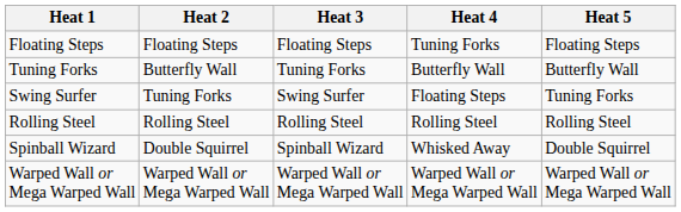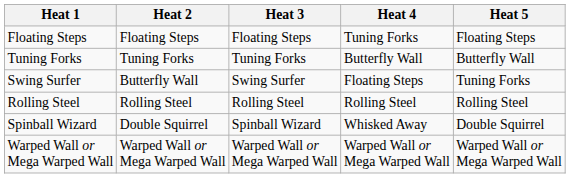 <table class="wikitable">
 <tr>
 <th>Heat 1</th>
 <th>Heat 2</th>
 <th>Heat 3</th>
 <th>Heat 4</th>
 <th>Heat 5</th>
 </tr>
 <tr>
 <td>Floating Steps</td>
 <td>Floating Steps</td>
 <td>Floating Steps</td>
 <td>Tuning Forks</td>
 <td>Floating Steps</td>
 </tr>
 <tr>
 <td>Tuning Forks</td>
-<td>Butterfly Wall</td>
+<td>Tuning Forks</td>
 <td>Tuning Forks</td>
 <td>Butterfly Wall</td>
 <td>Butterfly Wall</td>
 </tr>
 <tr>
 <td>Swing Surfer</td>
-<td>Tuning Forks</td>
+<td>Butterfly Wall</td>
 <td>Swing Surfer</td>
 <td>Floating Steps</td>
 <td>Tuning Forks</td>
 </tr>
 <tr>
 <td>Rolling Steel</td>
 <td>Rolling Steel</td>
 <td>Rolling Steel</td>
 <td>Rolling Steel</td>
 <td>Rolling Steel</td>
 </tr>
 <tr>
 <td>Spinball Wizard</td>
 <td>Double Squirrel</td>
 <td>Spinball Wizard</td>
 <td>Whisked Away</td>
 <td>Double Squirrel</td>
 </tr>
 <tr>
 <td>Warped Wall <em>or</em><br>Mega Warped Wall</td>
 <td>Warped Wall <em>or</em><br>Mega Warped Wall</td>
 <td>Warped Wall <em>or</em><br>Mega Warped Wall</td>
 <td>Warped Wall <em>or</em><br>Mega Warped Wall</td>
 <td>Warped Wall <em>or</em><br>Mega Warped Wall</td>
 </tr>
 </table>
